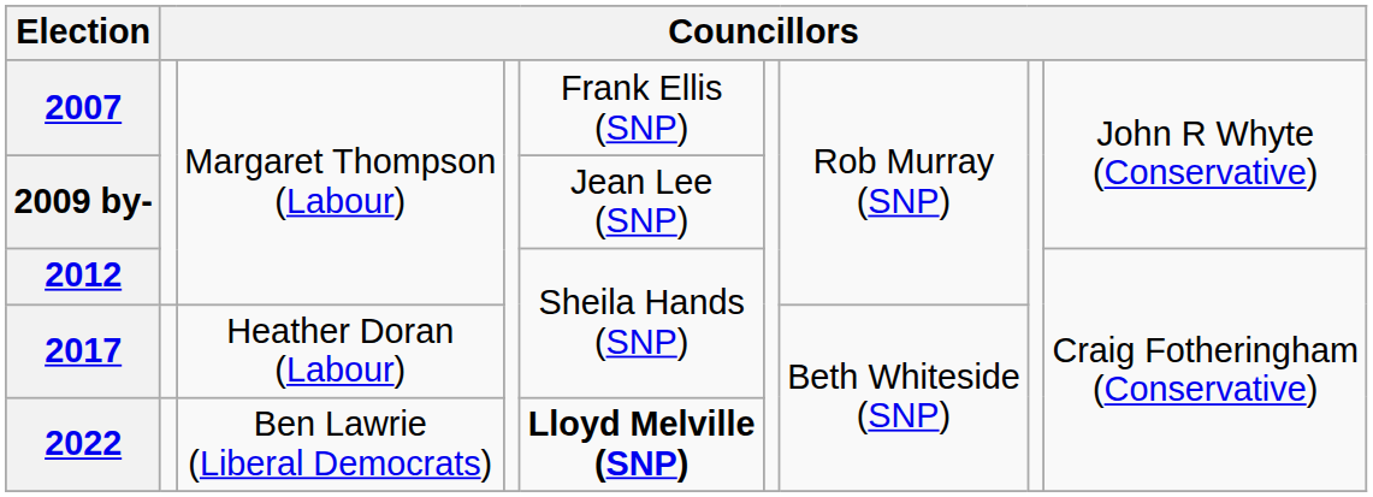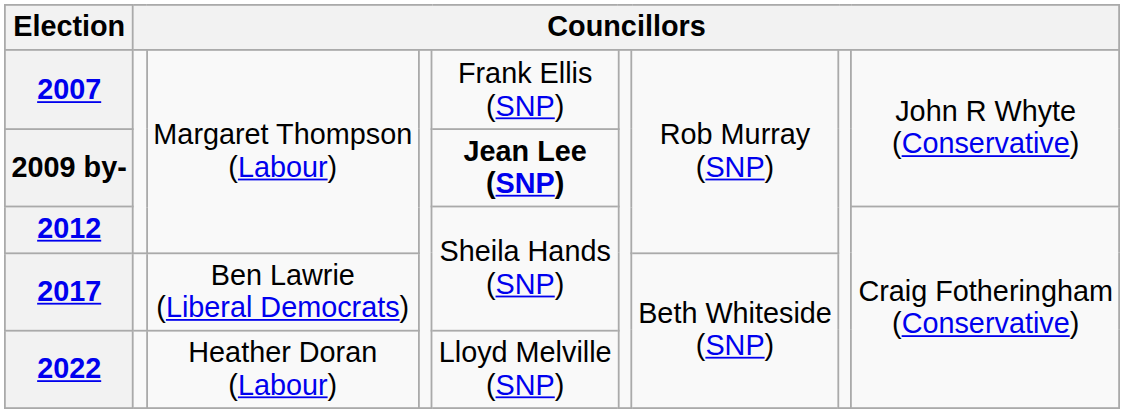 <table class="wikitable" style="text-align:center">
 <tr>
 <th>Election</th>
 <th colspan=8>Councillors</th>
 </tr>
 <tr>
 <th><a href='#'>2007</a></th>
 <td rowspan=3; style="background-color: "></td>
 <td rowspan=3>Margaret Thompson<br>(<a href='#'>Labour</a>)</td>
 <td rowspan=5; style="background-color: "></td>
 <td rowspan=1>Frank Ellis<br>(<a href='#'>SNP</a>)</td>
 <td rowspan=5; style="background-color: "></td>
 <td rowspan=3>Rob Murray<br>(<a href='#'>SNP</a>)</td>
 <td rowspan=5; style="background-color: "></td>
 <td rowspan=2>John R Whyte<br>(<a href='#'>Conservative</a>)</td>
 </tr>
 <tr>
 <th>2009 by-</th>
-<td rowspan=1>Jean Lee<br>(<a href='#'>SNP</a>)</td>
+<td rowspan=1><strong>Jean Lee<br>(<a href='#'>SNP</a>)</strong></td>
 </tr>
 <tr>
 <th><a href='#'>2012</a></th>
 <td rowspan=2>Sheila Hands<br>(<a href='#'>SNP</a>)</td>
 <td rowspan=3>Craig Fotheringham<br>(<a href='#'>Conservative</a>)</td>
 </tr>
 <tr>
 <th><a href='#'>2017</a></th>
 <td rowspan=1; style="background-color: "></td>
-<td rowspan=1>Heather Doran<br>(<a href='#'>Labour</a>)</td>
+<td rowspan=1>Ben Lawrie<br>(<a href='#'>Liberal Democrats</a>)</td>
 <td rowspan=2>Beth Whiteside<br>(<a href='#'>SNP</a>)</td>
 </tr>
 <tr>
 <th><a href='#'>2022</a></th>
 <td rowspan=1; style="background-color: "></td>
-<td rowspan=1>Ben Lawrie<br>(<a href='#'>Liberal Democrats</a>)</td>
-<td rowspan=1><strong>Lloyd Melville<br>(<a href='#'>SNP</a>)</strong></td>
+<td rowspan=1>Heather Doran<br>(<a href='#'>Labour</a>)</td>
+<td rowspan=1>Lloyd Melville<br>(<a href='#'>SNP</a>)</td>
 </tr>
 </table>
